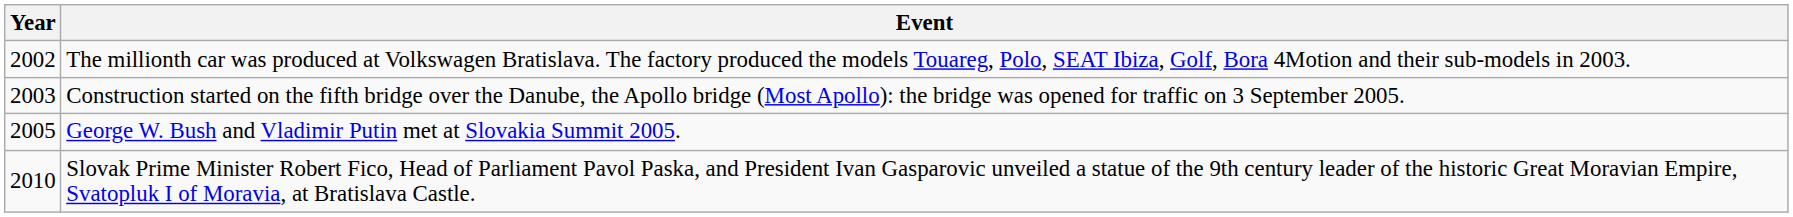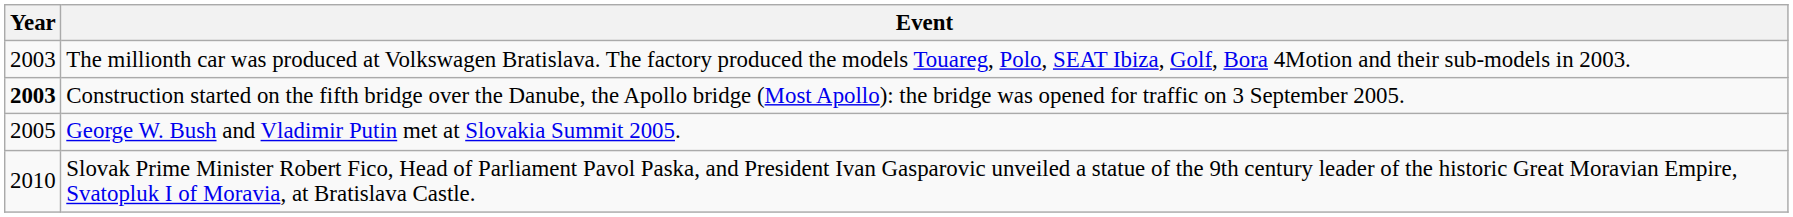 <table class="wikitable">
 <tr>
 <th>Year</th>
 <th>Event</th>
 </tr>
 <tr>
-<td>2002</td>
+<td>2003</td>
 <td>The millionth car was produced at Volkswagen Bratislava. The factory produced the models <a href='#'>Touareg</a>, <a href='#'>Polo</a>, <a href='#'>SEAT Ibiza</a>, <a href='#'>Golf</a>, <a href='#'>Bora</a> 4Motion and their sub-models in 2003.</td>
 </tr>
 <tr>
-<td>2003</td>
+<td><strong>2003</strong></td>
 <td>Construction started on the fifth bridge over the Danube, the Apollo bridge (<a href='#'>Most Apollo</a>): the bridge was opened for traffic on 3 September 2005.</td>
 </tr>
 <tr>
 <td>2005</td>
 <td><a href='#'>George W. Bush</a> and <a href='#'>Vladimir Putin</a> met at <a href='#'>Slovakia Summit 2005</a>.</td>
 </tr>
 <tr>
 <td>2010</td>
 <td>Slovak Prime Minister Robert Fico, Head of Parliament Pavol Paska, and President Ivan Gasparovic unveiled a statue of the 9th century leader of the historic Great Moravian Empire, <a href='#'>Svatopluk I of Moravia</a>, at Bratislava Castle.</td>
 </tr>
 </table>
